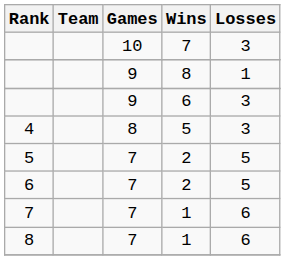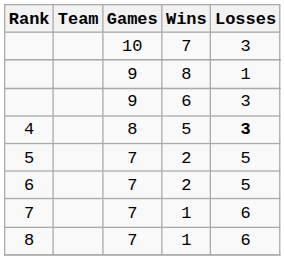 <table class="wikitable" style="text-align:center">
 <tr>
 <th>Rank</th>
 <th>Team</th>
 <th>Games</th>
 <th>Wins</th>
 <th>Losses</th>
 </tr>
 <tr>
 <td></td>
 <td></td>
 <td>10</td>
 <td>7</td>
 <td>3</td>
 </tr>
 <tr>
 </tr>
 <tr>
 <td></td>
 <td align=left></td>
 <td>9</td>
 <td>8</td>
 <td>1</td>
 </tr>
 <tr>
 </tr>
 <tr>
 <td></td>
 <td align=left></td>
 <td>9</td>
 <td>6</td>
 <td>3</td>
 </tr>
 <tr>
 <td>4</td>
 <td align=left></td>
 <td>8</td>
 <td>5</td>
-<td>3</td>
+<td><strong>3</strong></td>
 </tr>
 <tr>
 <td>5</td>
 <td align=left></td>
 <td>7</td>
 <td>2</td>
 <td>5</td>
 </tr>
 <tr>
 <td>6</td>
 <td align=left></td>
 <td>7</td>
 <td>2</td>
 <td>5</td>
 </tr>
 <tr>
 <td>7</td>
 <td align=left></td>
 <td>7</td>
 <td>1</td>
 <td>6</td>
 </tr>
 <tr>
 <td>8</td>
 <td align=left></td>
 <td>7</td>
 <td>1</td>
 <td>6</td>
 </tr>
 <tr>
 </tr>
 </table>
